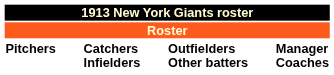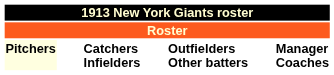 <table class="toccolours" style="font-size: 95%;">
 <tr>
 <th colspan="10" style="background-color: black; color: #FFFDD0; text-align: center;">1913 New York Giants roster</th>
 </tr>
 <tr>
 <td colspan="10" style="background-color: #fd5a1e; color: #FFFDD0; text-align: center;"><strong>Roster</strong></td>
 </tr>
 <tr>
-<td valign="top"><strong>Pitchers</strong><br>           </td>
+<td valign="top" style="background: lightyellow;"><strong>Pitchers</strong><br>           </td>
 <td width="25px"></td>
 <td valign="top"><strong>Catchers</strong><br>    <strong>Infielders</strong>        </td>
 <td width="25px"></td>
 <td valign="top"><strong>Outfielders</strong><br>        <strong>Other batters</strong> </td>
 <td width="25px"></td>
 <td valign="top"><strong>Manager</strong><br> <strong>Coaches</strong> </td>
 </tr>
 <tr>
 </tr>
 </table>
